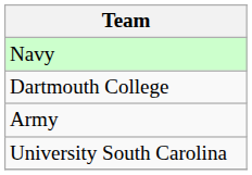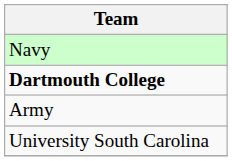 <table class="wikitable" style="text-align: center;">
 <tr>
 <th width="180">Team</th>
 </tr>
 <tr bgcolor=#ccffcc>
 <td align="left">Navy</td>
 </tr>
 <tr>
-<td align="left">Dartmouth College</td>
+<td align="left"><strong>Dartmouth College</strong></td>
 </tr>
 <tr>
 <td align="left">Army</td>
 </tr>
 <tr>
 <td align="left">University South Carolina</td>
 </tr>
 <tr>
 </tr>
 </table>
